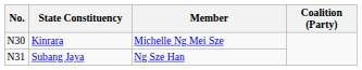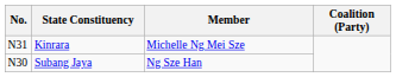 <table class="wikitable">
 <tr>
 <th width="30">No.</th>
 <th width="150">State Constituency</th>
 <th width="230">Member</th>
 <th width="100">Coalition (Party)</th>
 </tr>
 <tr>
-<td>N30</td>
+<td>N31</td>
 <td><a href='#'>Kinrara</a></td>
 <td><a href='#'>Michelle Ng Mei Sze</a></td>
 <td rowspan="2"></td>
 </tr>
 <tr>
-<td>N31</td>
+<td>N30</td>
 <td><a href='#'>Subang Jaya</a></td>
 <td><a href='#'>Ng Sze Han</a></td>
 </tr>
 </table>
